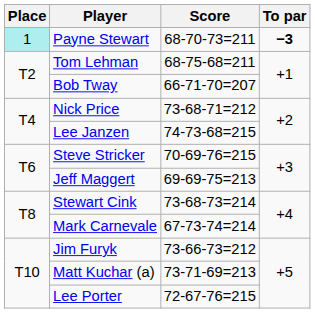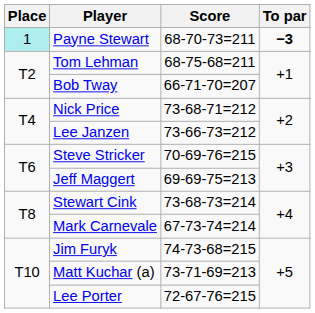 <table class="wikitable">
 <tr>
 <th>Place</th>
 <th>Player</th>
 <th>Score</th>
 <th>To par</th>
 </tr>
 <tr>
 <td align=center style="background: paleturquoise;">1</td>
 <td> <a href='#'>Payne Stewart</a></td>
 <td align=center>68-70-73=211</td>
 <td align=center><strong>−3</strong></td>
 </tr>
 <tr>
 <td rowspan="2" align=center>T2</td>
 <td> <a href='#'>Tom Lehman</a></td>
 <td align=center>68-75-68=211</td>
 <td rowspan="2" align=center>+1</td>
 </tr>
 <tr>
 <td> <a href='#'>Bob Tway</a></td>
 <td align=center>66-71-70=207</td>
 </tr>
 <tr>
 <td rowspan="2" align=center>T4</td>
 <td> <a href='#'>Nick Price</a></td>
 <td align=center>73-68-71=212</td>
 <td rowspan="2" align=center>+2</td>
 </tr>
 <tr>
 <td> <a href='#'>Lee Janzen</a></td>
-<td align=center>74-73-68=215</td>
+<td align=center>73-66-73=212</td>
 </tr>
 <tr>
 <td rowspan="2" align=center>T6</td>
 <td> <a href='#'>Steve Stricker</a></td>
 <td align=center>70-69-76=215</td>
 <td rowspan="2"  align=center>+3</td>
 </tr>
 <tr>
 <td> <a href='#'>Jeff Maggert</a></td>
 <td align=center>69-69-75=213</td>
 </tr>
 <tr>
 <td rowspan="2" align=center>T8</td>
 <td> <a href='#'>Stewart Cink</a></td>
 <td align=center>73-68-73=214</td>
 <td rowspan="2"  align=center>+4</td>
 </tr>
 <tr>
 <td> <a href='#'>Mark Carnevale</a></td>
 <td align=center>67-73-74=214</td>
 </tr>
 <tr>
 <td rowspan="3" align=center>T10</td>
 <td> <a href='#'>Jim Furyk</a></td>
-<td align=center>73-66-73=212</td>
+<td align=center>74-73-68=215</td>
 <td rowspan="3" align=center>+5</td>
 </tr>
 <tr>
 <td> <a href='#'>Matt Kuchar</a> (a)</td>
 <td align=center>73-71-69=213</td>
 </tr>
 <tr>
 <td> <a href='#'>Lee Porter</a></td>
 <td align=center>72-67-76=215</td>
 </tr>
 </table>
